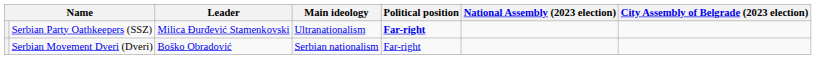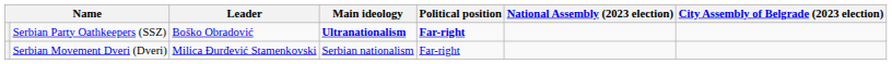 <table class="wikitable" style="text-align">
 <tr>
 <th colspan="2">Name</th>
 <th>Leader</th>
 <th>Main ideology</th>
 <th>Political position</th>
 <th><a href='#'>National Assembly</a> (2023 election)</th>
 <th><a href='#'>City Assembly of Belgrade</a> (2023 election)</th>
 </tr>
 <tr>
 <th style="background-color:"></th>
 <td><a href='#'>Serbian Party Oathkeepers</a> (SSZ)</td>
-<td><a href='#'>Milica Đurđević Stamenkovski</a></td>
-<td><a href='#'>Ultranationalism</a></td>
+<td><a href='#'>Boško Obradović</a></td>
+<td><strong><a href='#'>Ultranationalism</a></strong></td>
 <td><strong><a href='#'>Far-right</a></strong></td>
 <td></td>
 <td></td>
 </tr>
 <tr>
 <th style="background-color:"></th>
 <td><a href='#'>Serbian Movement Dveri</a> (Dveri)</td>
-<td><a href='#'>Boško Obradović</a></td>
+<td><a href='#'>Milica Đurđević Stamenkovski</a></td>
 <td><a href='#'>Serbian nationalism</a></td>
 <td><a href='#'>Far-right</a></td>
 <td></td>
 <td></td>
 </tr>
 </table>
